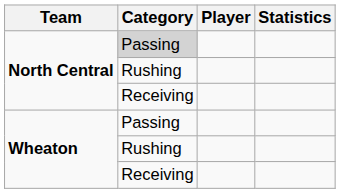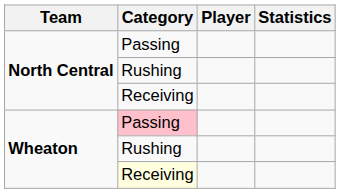 <table class="wikitable" style="float: left;">
 <tr>
 <th>Team</th>
 <th>Category</th>
 <th>Player</th>
 <th>Statistics</th>
 </tr>
 <tr>
 <td rowspan=3><strong>North Central</strong></td>
-<td style="background: lightgrey;">Passing</td>
+<td>Passing</td>
 <td></td>
 <td></td>
 </tr>
 <tr>
 <td>Rushing</td>
 <td></td>
 <td></td>
 </tr>
 <tr>
 <td>Receiving</td>
 <td></td>
 <td></td>
 </tr>
 <tr>
 <td rowspan=3><strong>Wheaton</strong></td>
-<td>Passing</td>
+<td style="background: pink;">Passing</td>
 <td></td>
 <td></td>
 </tr>
 <tr>
 <td>Rushing</td>
 <td></td>
 <td></td>
 </tr>
 <tr>
-<td>Receiving</td>
+<td style="background: lightyellow;">Receiving</td>
 <td></td>
 <td></td>
 </tr>
 </table>
